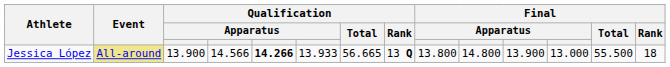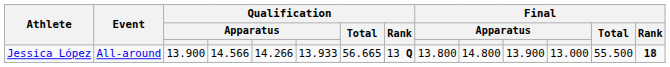 <table class="wikitable" style="font-size:90%">
 <tr>
 <th rowspan=3>Athlete</th>
 <th rowspan=3>Event</th>
 <th colspan =6>Qualification</th>
 <th colspan =6>Final</th>
 </tr>
 <tr style="font-size:95%">
 <th colspan=4>Apparatus</th>
 <th rowspan=2>Total</th>
 <th rowspan=2>Rank</th>
 <th colspan=4>Apparatus</th>
 <th rowspan=2>Total</th>
 <th rowspan=2>Rank</th>
 </tr>
 <tr style="font-size:95%">
 <th></th>
 <th></th>
 <th></th>
 <th></th>
 <th></th>
 <th></th>
 <th></th>
 <th></th>
 </tr>
 <tr align=center>
 <td align=left><a href='#'>Jessica López</a></td>
-<td align=left style="background: khaki;"><a href='#'>All-around</a></td>
+<td align=left><a href='#'>All-around</a></td>
 <td>13.900</td>
 <td>14.566</td>
-<td><strong>14.266</strong></td>
+<td>14.266</td>
 <td>13.933</td>
 <td>56.665</td>
 <td>13 <strong>Q</strong></td>
 <td>13.800</td>
 <td>14.800</td>
 <td>13.900</td>
 <td>13.000</td>
 <td>55.500</td>
-<td>18</td>
+<td><strong>18</strong></td>
 </tr>
 </table>
